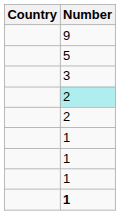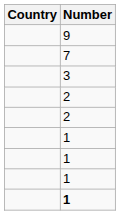 <table class="wikitable centre sortable">
 <tr>
 <th>Country</th>
 <th>Number</th>
 </tr>
 <tr>
 <td style="text-align:left;"></td>
 <td>9</td>
 </tr>
 <tr>
 <td style="text-align:left;"></td>
-<td>5</td>
+<td>7</td>
 </tr>
 <tr>
 <td style="text-align:left;"></td>
 <td>3</td>
 </tr>
 <tr>
 <td style="text-align:left;"></td>
-<td style="background: paleturquoise;">2</td>
+<td>2</td>
 </tr>
 <tr>
 <td style="text-align:left;"></td>
 <td>2</td>
 </tr>
 <tr +>
 <td style="text-align:left;"></td>
 <td>1</td>
 </tr>
 <tr>
 <td style="text-align:left;"></td>
 <td>1</td>
 </tr>
 <tr>
 <td style="text-align:left;"></td>
 <td>1</td>
 </tr>
 <tr>
 <td style="text-align:left;"></td>
 <td><strong>1</strong></td>
 </tr>
 </table>
